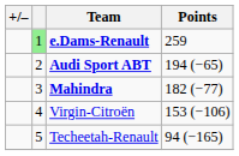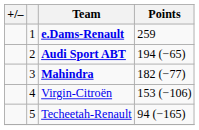 <table class="wikitable" style="font-size: 85%">
 <tr>
 <th scope="col">+/–</th>
 <th scope="col"></th>
 <th scope="col">Team</th>
 <th scope="col">Points</th>
 </tr>
 <tr>
 <td align="left"></td>
-<td align="center" style="background: lightgreen;">1</td>
+<td align="center">1</td>
 <td> <strong><a href='#'>e.Dams-Renault</a></strong></td>
 <td align="left">259</td>
 </tr>
 <tr>
 <td align="left"></td>
 <td align="center">2</td>
 <td> <strong><a href='#'>Audi Sport ABT</a></strong></td>
 <td align="left">194 (−65)</td>
 </tr>
 <tr>
 <td align="left"></td>
 <td align="center">3</td>
 <td> <strong><a href='#'>Mahindra</a></strong></td>
 <td align="left">182 (−77)</td>
 </tr>
 <tr>
 <td align="left"></td>
 <td align="center">4</td>
 <td> <a href='#'>Virgin-Citroën</a></td>
 <td align="left">153 (−106)</td>
 </tr>
 <tr>
 <td align="left"></td>
 <td align="center">5</td>
 <td> <a href='#'>Techeetah-Renault</a></td>
 <td align="left">94 (−165)</td>
 </tr>
 <tr>
 </tr>
 </table>
